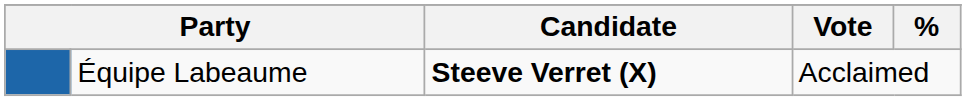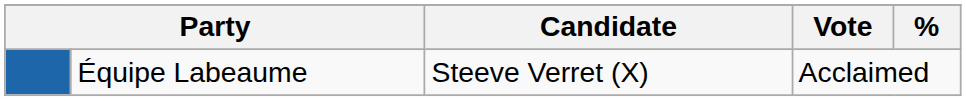 <table class="wikitable">
 <tr>
 </tr>
 <tr>
 <th bgcolor="#DDDDFF" width="230px" colspan="2">Party</th>
 <th bgcolor="#DDDDFF" width="200px">Candidate</th>
 <th bgcolor="#DDDDFF" width="50px">Vote</th>
 <th bgcolor="#DDDDFF" width="30px">%</th>
 </tr>
 <tr>
 <td bgcolor=#1D66A9 width="30px"> </td>
 <td>Équipe Labeaume</td>
-<td><strong>Steeve Verret (X)</strong></td>
+<td>Steeve Verret (X)</td>
 <td colspan="2">Acclaimed</td>
 </tr>
 </table>
